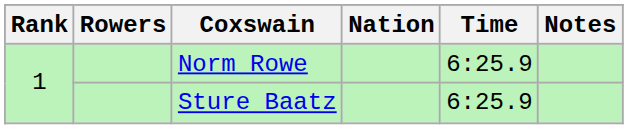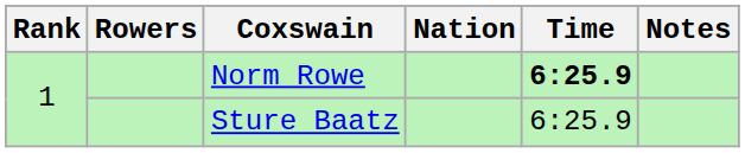 <table class="wikitable sortable" style="text-align:center">
 <tr>
 <th>Rank</th>
 <th>Rowers</th>
 <th>Coxswain</th>
 <th>Nation</th>
 <th>Time</th>
 <th>Notes</th>
 </tr>
 <tr bgcolor=bbf3bb>
 <td rowspan=2>1</td>
 <td></td>
 <td align=left><a href='#'>Norm Rowe</a></td>
 <td align=left></td>
-<td>6:25.9</td>
+<td><strong>6:25.9</strong></td>
 <td></td>
 </tr>
 <tr bgcolor=bbf3bb>
 <td></td>
 <td align=left><a href='#'>Sture Baatz</a></td>
 <td align=left></td>
 <td>6:25.9</td>
 <td></td>
 </tr>
 </table>
